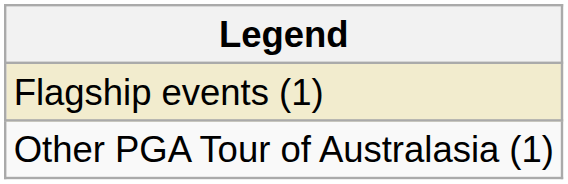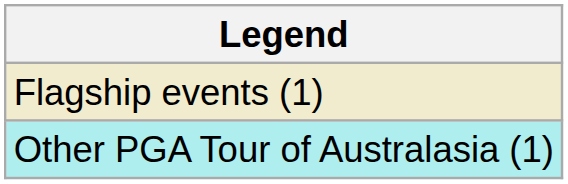 <table class="wikitable" style="font-size:95%;">
 <tr>
 <th>Legend</th>
 </tr>
 <tr style="background:#f2ecce;">
 <td>Flagship events (1)</td>
 </tr>
 <tr>
-<td>Other PGA Tour of Australasia (1)</td>
+<td style="background: paleturquoise;">Other PGA Tour of Australasia (1)</td>
 </tr>
 </table>
